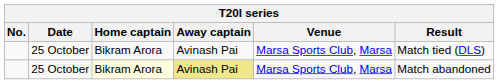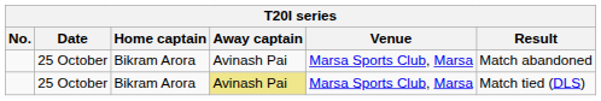 <table class="wikitable">
 <tr>
 <th colspan="9">T20I series</th>
 </tr>
 <tr>
 <th>No.</th>
 <th>Date</th>
 <th>Home captain</th>
 <th>Away captain</th>
 <th>Venue</th>
 <th>Result</th>
 </tr>
 <tr>
 <td></td>
 <td>25 October</td>
 <td>Bikram Arora</td>
 <td>Avinash Pai</td>
 <td><a href='#'>Marsa Sports Club</a>, <a href='#'>Marsa</a></td>
-<td>Match tied (<a href='#'>DLS</a>)</td>
+<td>Match abandoned</td>
 </tr>
 <tr>
 <td></td>
 <td>25 October</td>
-<td style="background: lightyellow;">Bikram Arora</td>
+<td>Bikram Arora</td>
 <td style="background: khaki;">Avinash Pai</td>
 <td><a href='#'>Marsa Sports Club</a>, <a href='#'>Marsa</a></td>
-<td>Match abandoned</td>
+<td>Match tied (<a href='#'>DLS</a>)</td>
 </tr>
 </table>
